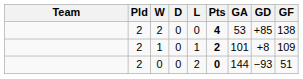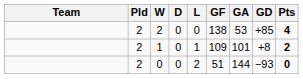 <table class="wikitable" style="text-align:center;">
 <tr>
 <th width=175>Team</th>
 <th width=20 abbr="Played">Pld</th>
 <th width=20 abbr="Won">W</th>
 <th width=20 abbr="Drawn">D</th>
 <th width=20 abbr="Lost">L</th>
-<th width=20 abbr="Points">Pts</th>
+<th width=20 abbr="Goals for">GF</th>
 <th width=20 abbr="Goals against">GA</th>
 <th width=20 abbr="Goal difference">GD</th>
-<th width=20 abbr="Goals for">GF</th>
+<th width=20 abbr="Points">Pts</th>
 </tr>
 <tr>
 <td align=left></td>
 <td>2</td>
 <td>2</td>
 <td>0</td>
 <td>0</td>
-<td><strong>4</strong></td>
+<td>138</td>
 <td>53</td>
 <td>+85</td>
-<td>138</td>
+<td><strong>4</strong></td>
 </tr>
 <tr>
 <td align=left></td>
 <td>2</td>
 <td>1</td>
 <td>0</td>
 <td>1</td>
-<td><strong>2</strong></td>
+<td>109</td>
 <td>101</td>
 <td>+8</td>
-<td>109</td>
+<td><strong>2</strong></td>
 </tr>
 <tr>
 <td align=left></td>
 <td>2</td>
 <td>0</td>
 <td>0</td>
 <td>2</td>
-<td><strong>0</strong></td>
+<td>51</td>
 <td>144</td>
 <td>−93</td>
-<td>51</td>
+<td><strong>0</strong></td>
 </tr>
 </table>
